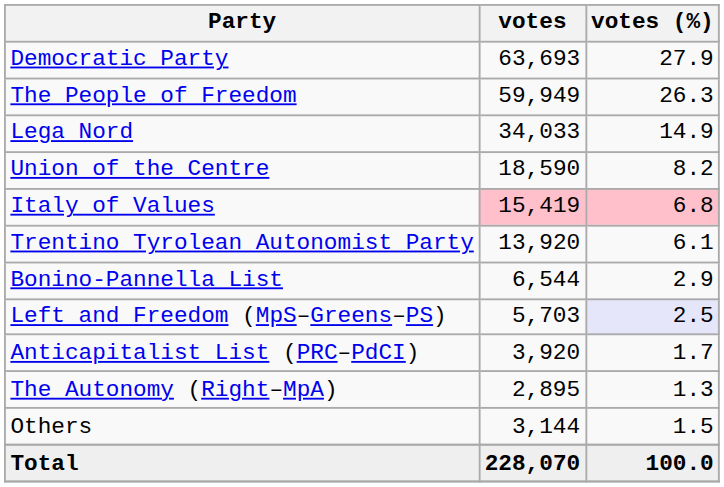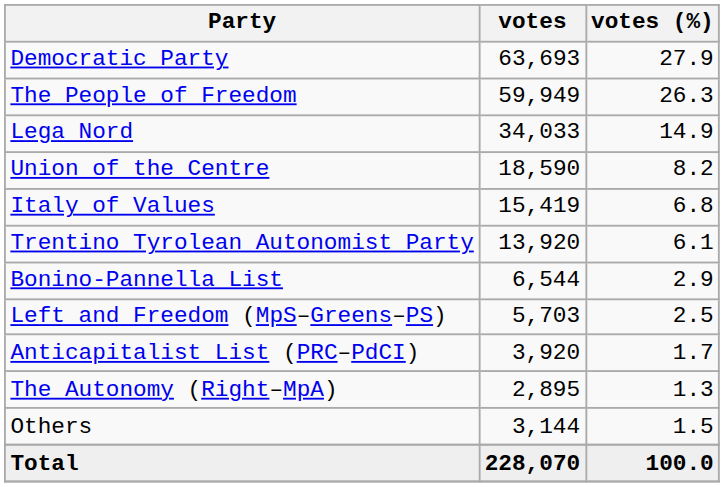 <table class="wikitable" style="font-size:95%">
 <tr bgcolor="EFEFEF">
 <th>Party</th>
 <th>votes</th>
 <th>votes (%)</th>
 </tr>
 <tr>
 <td><a href='#'>Democratic Party</a></td>
 <td align=right>63,693</td>
 <td align=right>27.9</td>
 </tr>
 <tr>
 <td><a href='#'>The People of Freedom</a></td>
 <td align=right>59,949</td>
 <td align=right>26.3</td>
 </tr>
 <tr>
 <td><a href='#'>Lega Nord</a></td>
 <td align=right>34,033</td>
 <td align=right>14.9</td>
 </tr>
 <tr>
 <td><a href='#'>Union of the Centre</a></td>
 <td align=right>18,590</td>
 <td align=right>8.2</td>
 </tr>
 <tr>
 <td><a href='#'>Italy of Values</a></td>
-<td align=right style="background: pink;">15,419</td>
-<td align=right style="background: pink;">6.8</td>
+<td align=right>15,419</td>
+<td align=right>6.8</td>
 </tr>
 <tr>
 <td><a href='#'>Trentino Tyrolean Autonomist Party</a></td>
 <td align=right>13,920</td>
 <td align=right>6.1</td>
 </tr>
 <tr>
 <td><a href='#'>Bonino-Pannella List</a></td>
 <td align=right>6,544</td>
 <td align=right>2.9</td>
 </tr>
 <tr>
 <td><a href='#'>Left and Freedom</a> (<a href='#'>MpS</a>–<a href='#'>Greens</a>–<a href='#'>PS</a>)</td>
 <td align=right>5,703</td>
-<td align=right style="background: lavender;">2.5</td>
+<td align=right>2.5</td>
 </tr>
 <tr>
 <td><a href='#'>Anticapitalist List</a> (<a href='#'>PRC</a>–<a href='#'>PdCI</a>)</td>
 <td align=right>3,920</td>
 <td align=right>1.7</td>
 </tr>
 <tr>
 <td><a href='#'>The Autonomy</a> (<a href='#'>Right</a>–<a href='#'>MpA</a>)</td>
 <td align=right>2,895</td>
 <td align=right>1.3</td>
 </tr>
 <tr>
 <td>Others</td>
 <td align=right>3,144</td>
 <td align=right>1.5</td>
 </tr>
 <tr>
 </tr>
 <tr bgcolor="EFEFEF">
 <td><strong>Total</strong></td>
 <td align=right><strong>228,070</strong></td>
 <td align=right><strong>100.0</strong></td>
 </tr>
 <tr>
 </tr>
 </table>
